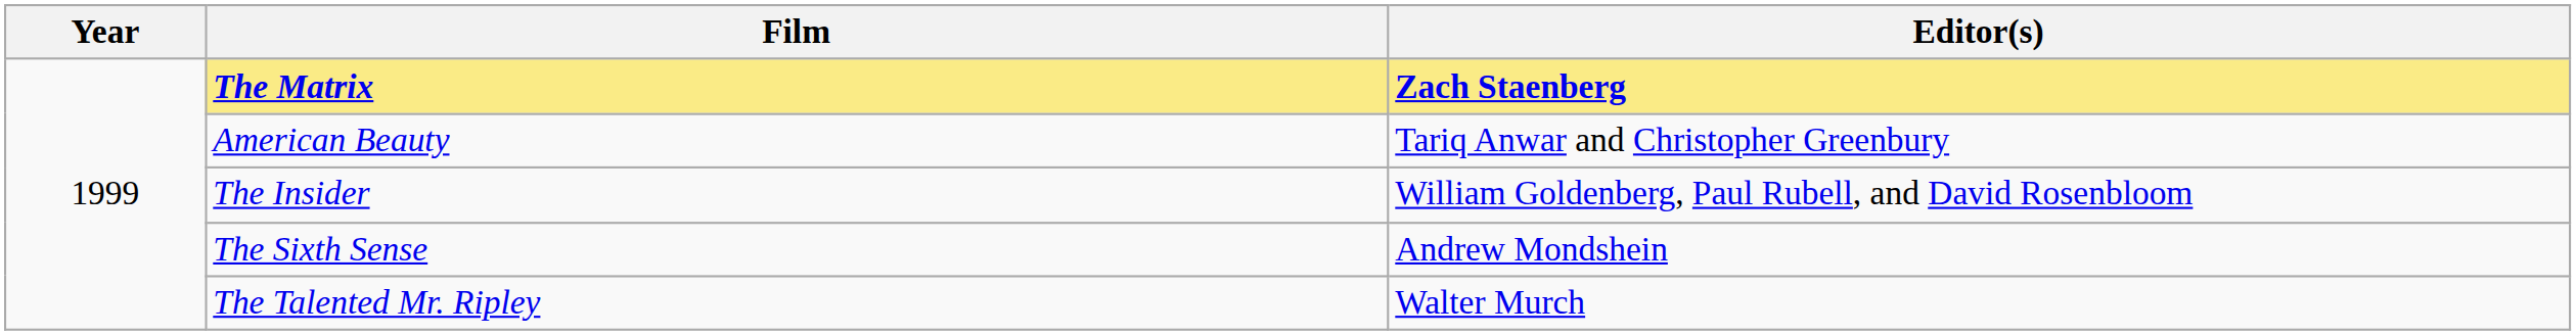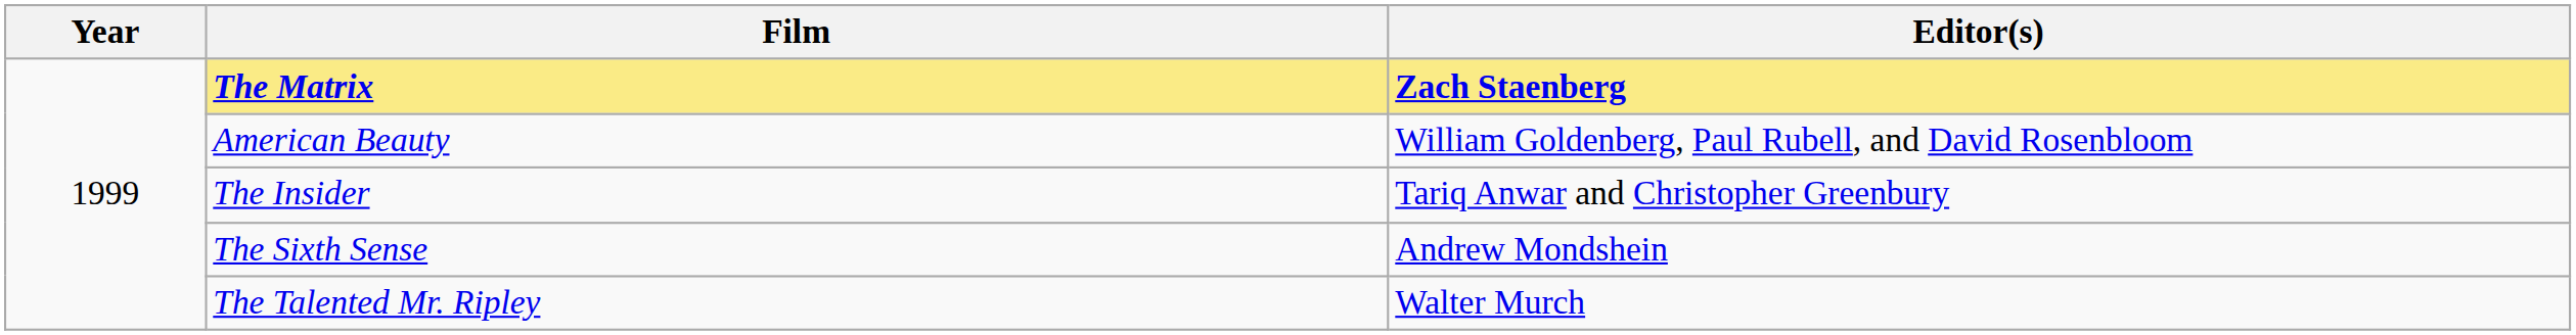 <table class="wikitable" width="95%" cellpadding="5">
 <tr>
 <th width="70"><strong>Year</strong></th>
 <th width="450"><strong>Film</strong></th>
 <th width="450"><strong>Editor(s)</strong></th>
 </tr>
 <tr>
 <td rowspan="5" style="text-align:center;">1999<br></td>
 <td style="background:#FAEB86;"><strong><em><a href='#'>The Matrix</a></em></strong></td>
 <td style="background:#FAEB86;"><strong><a href='#'>Zach Staenberg</a></strong></td>
 </tr>
 <tr>
 <td><em><a href='#'>American Beauty</a></em></td>
-<td><a href='#'>Tariq Anwar</a> and <a href='#'>Christopher Greenbury</a></td>
+<td><a href='#'>William Goldenberg</a>, <a href='#'>Paul Rubell</a>, and <a href='#'>David Rosenbloom</a></td>
 </tr>
 <tr>
 <td><em><a href='#'>The Insider</a></em></td>
-<td><a href='#'>William Goldenberg</a>, <a href='#'>Paul Rubell</a>, and <a href='#'>David Rosenbloom</a></td>
+<td><a href='#'>Tariq Anwar</a> and <a href='#'>Christopher Greenbury</a></td>
 </tr>
 <tr>
 <td><em><a href='#'>The Sixth Sense</a></em></td>
 <td><a href='#'>Andrew Mondshein</a></td>
 </tr>
 <tr>
 <td><em><a href='#'>The Talented Mr. Ripley</a></em></td>
 <td><a href='#'>Walter Murch</a></td>
 </tr>
 </table>
